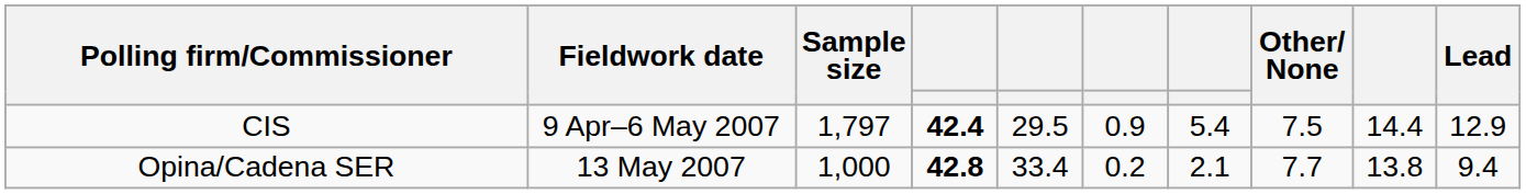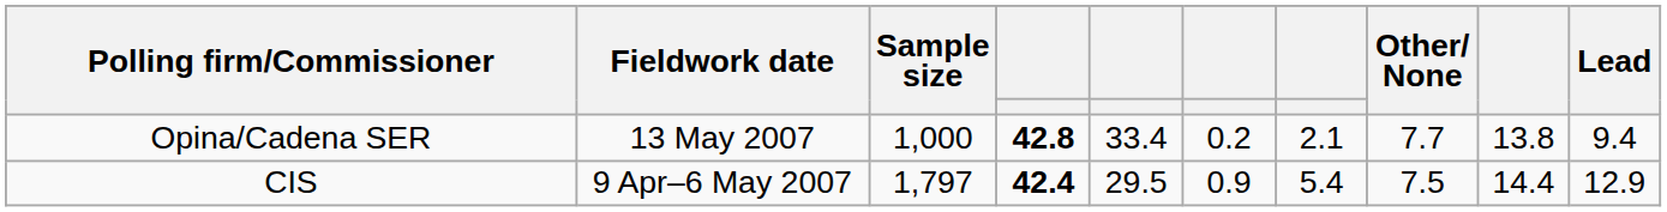 <table class="wikitable collapsible collapsed" style="text-align:center; font-size:90%; line-height:14px;">
 <tr style="height:42px;">
 <th style="width:250px;" rowspan="2">Polling firm/Commissioner</th>
 <th style="width:125px;" rowspan="2">Fieldwork date</th>
 <th style="width:50px;" rowspan="2">Sample size</th>
 <th style="width:35px;"></th>
 <th style="width:35px;"></th>
 <th style="width:35px;"></th>
 <th style="width:35px;"></th>
 <th style="width:35px;" rowspan="2">Other/<br>None</th>
 <th style="width:35px;" rowspan="2"></th>
 <th style="width:30px;" rowspan="2">Lead</th>
 </tr>
 <tr>
 <th style="color:inherit;background:"></th>
 <th style="color:inherit;background:"></th>
 <th style="color:inherit;background:"></th>
 <th style="color:inherit;background:"></th>
 </tr>
 <tr>
+<td>Opina/Cadena SER</td>
+<td>13 May 2007</td>
+<td>1,000</td>
+<td><strong>42.8</strong></td>
+<td>33.4</td>
+<td>0.2</td>
+<td>2.1</td>
+<td>7.7</td>
+<td>13.8</td>
+<td style="background:">9.4</td>
+</tr>
+<tr>
 <td>CIS</td>
 <td>9 Apr–6 May 2007</td>
 <td>1,797</td>
 <td><strong>42.4</strong></td>
 <td>29.5</td>
 <td>0.9</td>
 <td>5.4</td>
 <td>7.5</td>
 <td>14.4</td>
 <td style="background:">12.9</td>
 </tr>
-<tr>
-<td>Opina/Cadena SER</td>
-<td>13 May 2007</td>
-<td>1,000</td>
-<td><strong>42.8</strong></td>
-<td>33.4</td>
-<td>0.2</td>
-<td>2.1</td>
-<td>7.7</td>
-<td>13.8</td>
-<td style="background:">9.4</td>
-</tr>
 </table>
